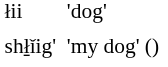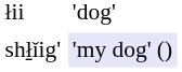 <table align="center" border="0" cellpadding="3">
 <tr>
 <td>łii</td>
 <td>'dog'</td>
 </tr>
 <tr>
 <td>sh<u>ł</u>ǐig'</td>
-<td>'my dog' ()</td>
+<td style="background: lavender;">'my dog' ()</td>
 </tr>
 <tr>
 </tr>
 </table>
